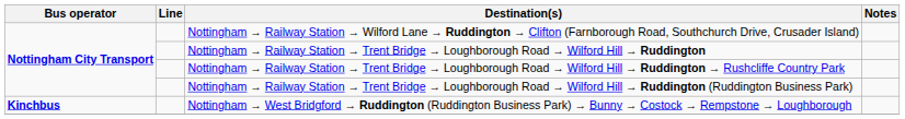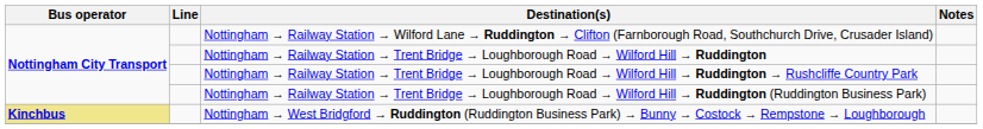 <table class="wikitable">
 <tr>
 <th>Bus operator</th>
 <th>Line</th>
 <th>Destination(s)</th>
 <th>Notes</th>
 </tr>
 <tr>
 <td rowspan="4"><strong><a href='#'>Nottingham City Transport</a></strong></td>
 <td><strong></strong></td>
 <td><a href='#'>Nottingham</a> → <a href='#'>Railway Station</a> → Wilford Lane → <strong>Ruddington</strong> → <a href='#'>Clifton</a> (Farnborough Road, Southchurch Drive, Crusader Island)</td>
 <td></td>
 </tr>
 <tr>
 <td><strong></strong></td>
 <td><a href='#'>Nottingham</a> → <a href='#'>Railway Station</a> → <a href='#'>Trent Bridge</a> → Loughborough Road → <a href='#'>Wilford Hill</a> → <strong>Ruddington</strong></td>
 <td></td>
 </tr>
 <tr>
 <td><strong></strong></td>
 <td><a href='#'>Nottingham</a> → <a href='#'>Railway Station</a> → <a href='#'>Trent Bridge</a> → Loughborough Road → <a href='#'>Wilford Hill</a> → <strong>Ruddington</strong> → <a href='#'>Rushcliffe Country Park</a></td>
 <td></td>
 </tr>
 <tr>
 <td><strong></strong></td>
 <td><a href='#'>Nottingham</a> → <a href='#'>Railway Station</a> → <a href='#'>Trent Bridge</a> → Loughborough Road → <a href='#'>Wilford Hill</a> → <strong>Ruddington</strong> (Ruddington Business Park)</td>
 <td></td>
 </tr>
 <tr>
-<td rowspan="1"><strong><a href='#'>Kinchbus</a></strong></td>
+<td rowspan="1" style="background: khaki;"><strong><a href='#'>Kinchbus</a></strong></td>
 <td><strong></strong></td>
 <td><a href='#'>Nottingham</a> → <a href='#'>West Bridgford</a> → <strong>Ruddington</strong> (Ruddington Business Park) → <a href='#'>Bunny</a> → <a href='#'>Costock</a> → <a href='#'>Rempstone</a> → <a href='#'>Loughborough</a></td>
 <td></td>
 </tr>
 <tr>
 </tr>
 </table>
